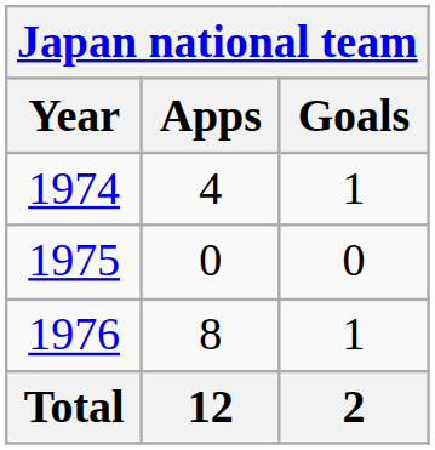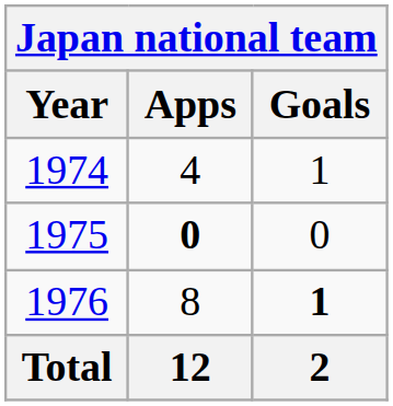 <table class="wikitable" style="text-align:center">
 <tr>
 <th colspan=3><a href='#'>Japan national team</a></th>
 </tr>
 <tr>
 <th>Year</th>
 <th>Apps</th>
 <th>Goals</th>
 </tr>
 <tr>
 <td><a href='#'>1974</a></td>
 <td>4</td>
 <td>1</td>
 </tr>
 <tr>
 <td><a href='#'>1975</a></td>
-<td>0</td>
+<td><strong>0</strong></td>
 <td>0</td>
 </tr>
 <tr>
 <td><a href='#'>1976</a></td>
 <td>8</td>
-<td>1</td>
+<td><strong>1</strong></td>
 </tr>
 <tr>
 <th>Total</th>
 <th>12</th>
 <th>2</th>
 </tr>
 </table>
